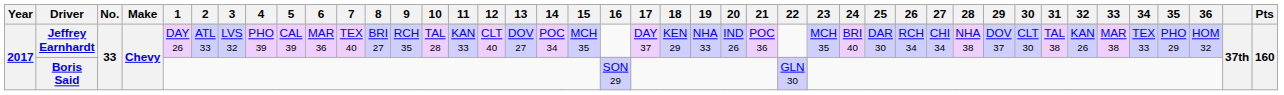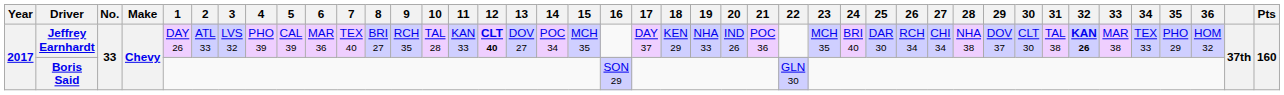 <table class="wikitable" style="text-align:center; font-size:75%">
 <tr>
 <th>Year</th>
 <th>Driver</th>
 <th>No.</th>
 <th>Make</th>
 <th>1</th>
 <th>2</th>
 <th>3</th>
 <th>4</th>
 <th>5</th>
 <th>6</th>
 <th>7</th>
 <th>8</th>
 <th>9</th>
 <th>10</th>
 <th>11</th>
 <th>12</th>
 <th>13</th>
 <th>14</th>
 <th>15</th>
 <th>16</th>
 <th>17</th>
 <th>18</th>
 <th>19</th>
 <th>20</th>
 <th>21</th>
 <th>22</th>
 <th>23</th>
 <th>24</th>
 <th>25</th>
 <th>26</th>
 <th>27</th>
 <th>28</th>
 <th>29</th>
 <th>30</th>
 <th>31</th>
 <th>32</th>
 <th>33</th>
 <th>34</th>
 <th>35</th>
 <th>36</th>
 <th></th>
 <th>Pts</th>
 </tr>
 <tr>
 <th rowspan=2><a href='#'>2017</a></th>
 <th><a href='#'>Jeffrey Earnhardt</a></th>
 <th rowspan=2>33</th>
 <th rowspan=2><a href='#'>Chevy</a></th>
 <td style="background:#EFCFFF;"><a href='#'>DAY</a><br><small>26</small></td>
 <td style="background:#CFCFFF;"><a href='#'>ATL</a><br><small>33</small></td>
 <td style="background:#CFCFFF;"><a href='#'>LVS</a><br><small>32</small></td>
 <td style="background:#EFCFFF;"><a href='#'>PHO</a><br><small>39</small></td>
 <td style="background:#EFCFFF;"><a href='#'>CAL</a><br><small>39</small></td>
 <td style="background:#EFCFFF;"><a href='#'>MAR</a><br><small>36</small></td>
 <td style="background:#EFCFFF;"><a href='#'>TEX</a><br><small>40</small></td>
 <td style="background:#CFCFFF;"><a href='#'>BRI</a><br><small>27</small></td>
 <td style="background:#CFCFFF;"><a href='#'>RCH</a><br><small>35</small></td>
 <td style="background:#EFCFFF;"><a href='#'>TAL</a><br><small>28</small></td>
 <td style="background:#CFCFFF;"><a href='#'>KAN</a><br><small>33</small></td>
-<td style="background:#EFCFFF;"><a href='#'>CLT</a><br><small>40</small></td>
+<td style="background:#EFCFFF;"><strong><a href='#'>CLT</a><br><small>40</small></strong></td>
 <td style="background:#CFCFFF;"><a href='#'>DOV</a><br><small>27</small></td>
 <td style="background:#EFCFFF;"><a href='#'>POC</a><br><small>34</small></td>
 <td style="background:#CFCFFF;"><a href='#'>MCH</a><br><small>35</small></td>
 <td></td>
 <td style="background:#EFCFFF;"><a href='#'>DAY</a><br><small>37</small></td>
 <td style="background:#CFCFFF;"><a href='#'>KEN</a><br><small>29</small></td>
 <td style="background:#CFCFFF;"><a href='#'>NHA</a><br><small>33</small></td>
 <td style="background:#CFCFFF;"><a href='#'>IND</a><br><small>26</small></td>
 <td style="background:#EFCFFF;"><a href='#'>POC</a><br><small>36</small></td>
 <td></td>
 <td style="background:#CFCFFF;"><a href='#'>MCH</a><br><small>35</small></td>
 <td style="background:#EFCFFF;"><a href='#'>BRI</a><br><small>40</small></td>
 <td style="background:#CFCFFF;"><a href='#'>DAR</a><br><small>30</small></td>
 <td style="background:#CFCFFF;"><a href='#'>RCH</a><br><small>34</small></td>
 <td style="background:#CFCFFF;"><a href='#'>CHI</a><br><small>34</small></td>
 <td style="background:#EFCFFF;"><a href='#'>NHA</a><br><small>38</small></td>
 <td style="background:#CFCFFF;"><a href='#'>DOV</a><br><small>37</small></td>
 <td style="background:#CFCFFF;"><a href='#'>CLT</a><br><small>30</small></td>
 <td style="background:#EFCFFF;"><a href='#'>TAL</a><br><small>38</small></td>
-<td style="background:#CFCFFF;"><a href='#'>KAN</a><br><small>26</small></td>
+<td style="background:#CFCFFF;"><strong><a href='#'>KAN</a><br><small>26</small></strong></td>
 <td style="background:#EFCFFF;"><a href='#'>MAR</a><br><small>38</small></td>
 <td style="background:#CFCFFF;"><a href='#'>TEX</a><br><small>33</small></td>
 <td style="background:#CFCFFF;"><a href='#'>PHO</a><br><small>29</small></td>
 <td style="background:#CFCFFF;"><a href='#'>HOM</a><br><small>32</small></td>
 <th rowspan=2>37th</th>
 <th rowspan=2>160</th>
 </tr>
 <tr>
 <th><a href='#'>Boris Said</a></th>
 <td colspan=15></td>
 <td style="background:#CFCFFF;"><a href='#'>SON</a><br><small>29</small></td>
 <td colspan=5></td>
 <td style="background:#CFCFFF;"><a href='#'>GLN</a><br><small>30</small></td>
 <td colspan=14></td>
 </tr>
 </table>
